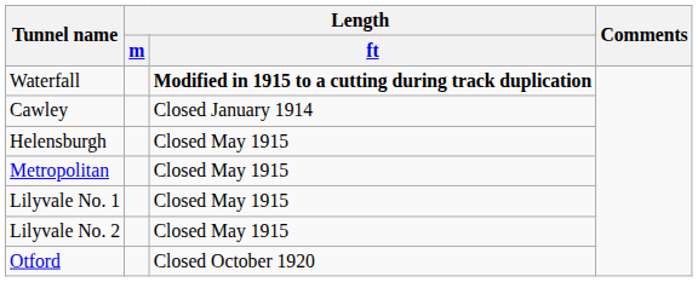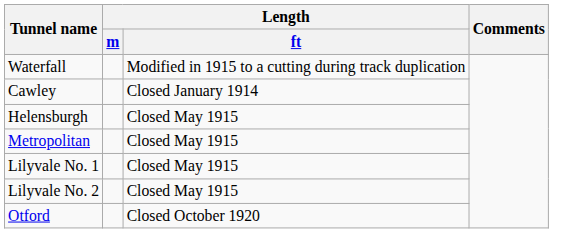 <table class="wikitable sortable">
 <tr>
 <th rowspan=2>Tunnel name</th>
 <th colspan=2>Length</th>
 <th rowspan=2>Comments</th>
 </tr>
 <tr>
 <th><a href='#'>m</a></th>
 <th><a href='#'>ft</a></th>
 </tr>
 <tr>
 <td>Waterfall</td>
 <td></td>
-<td><strong>Modified in 1915 to a cutting during track duplication</strong></td>
+<td>Modified in 1915 to a cutting during track duplication</td>
 </tr>
 <tr>
 <td>Cawley</td>
 <td></td>
 <td>Closed January 1914</td>
 </tr>
 <tr>
 <td>Helensburgh</td>
 <td></td>
 <td>Closed May 1915</td>
 </tr>
 <tr>
 <td><a href='#'>Metropolitan</a></td>
 <td></td>
 <td>Closed May 1915</td>
 </tr>
 <tr>
 <td>Lilyvale No. 1</td>
 <td></td>
 <td>Closed May 1915</td>
 </tr>
 <tr>
 <td>Lilyvale No. 2</td>
 <td></td>
 <td>Closed May 1915</td>
 </tr>
 <tr>
 <td><a href='#'>Otford</a></td>
 <td></td>
 <td>Closed October 1920</td>
 </tr>
 </table>
